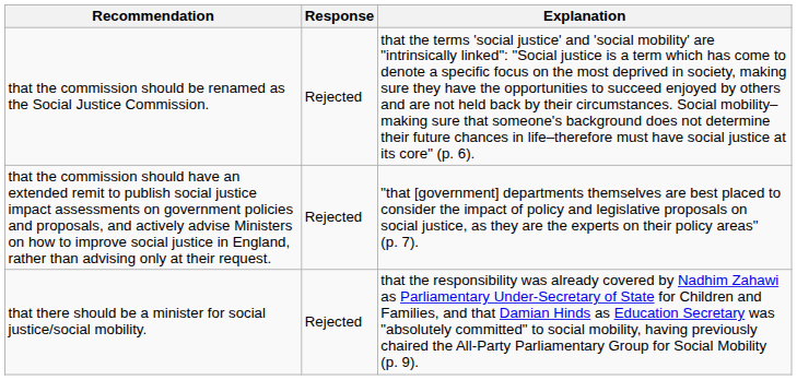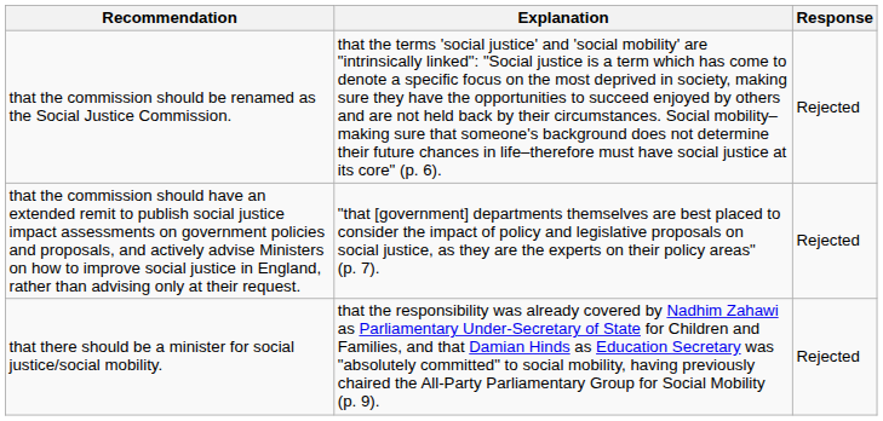 <table class="wikitable">
 <tr>
 <th>Recommendation</th>
+<th>Explanation</th>
 <th>Response</th>
-<th>Explanation</th>
 </tr>
 <tr>
 <td>that the commission should be renamed as the Social Justice Commission.</td>
+<td>that the terms 'social justice' and 'social mobility' are "intrinsically linked": "Social justice is a term which has come to denote a specific focus on the most deprived in society, making sure they have the opportunities to succeed enjoyed by others and are not held back by their circumstances. Social mobility–making sure that someone's background does not determine their future chances in life–therefore must have social justice at its core" (p. 6).</td>
 <td>Rejected</td>
-<td>that the terms 'social justice' and 'social mobility' are "intrinsically linked": "Social justice is a term which has come to denote a specific focus on the most deprived in society, making sure they have the opportunities to succeed enjoyed by others and are not held back by their circumstances. Social mobility–making sure that someone's background does not determine their future chances in life–therefore must have social justice at its core" (p. 6).</td>
 </tr>
 <tr>
 <td>that the commission should have an extended remit to publish social justice impact assessments on government policies and proposals, and actively advise Ministers on how to improve social justice in England, rather than advising only at their request.</td>
+<td>"that [government] departments themselves are best placed to consider the impact of policy and legislative proposals on social justice, as they are the experts on their policy areas" (p. 7).</td>
 <td>Rejected</td>
-<td>"that [government] departments themselves are best placed to consider the impact of policy and legislative proposals on social justice, as they are the experts on their policy areas" (p. 7).</td>
 </tr>
 <tr>
 <td>that there should be a minister for social justice/social mobility.</td>
+<td>that the responsibility was already covered by <a href='#'>Nadhim Zahawi</a> as <a href='#'>Parliamentary Under-Secretary of State</a> for Children and Families, and that <a href='#'>Damian Hinds</a> as <a href='#'>Education Secretary</a> was "absolutely committed" to social mobility, having previously chaired the All-Party Parliamentary Group for Social Mobility (p. 9).</td>
 <td>Rejected</td>
-<td>that the responsibility was already covered by <a href='#'>Nadhim Zahawi</a> as <a href='#'>Parliamentary Under-Secretary of State</a> for Children and Families, and that <a href='#'>Damian Hinds</a> as <a href='#'>Education Secretary</a> was "absolutely committed" to social mobility, having previously chaired the All-Party Parliamentary Group for Social Mobility (p. 9).</td>
 </tr>
 </table>
